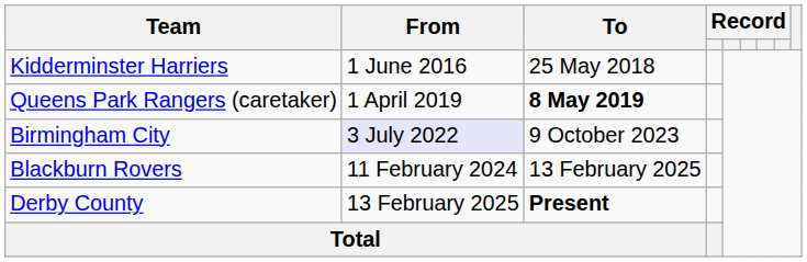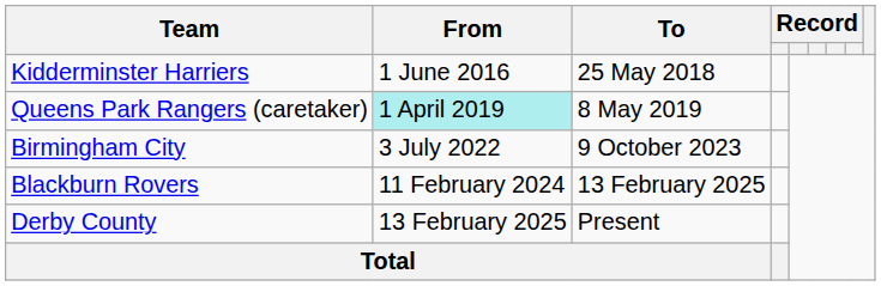 <table class=wikitable style="text-align: left">
 <tr>
 <th rowspan=2>Team</th>
 <th rowspan=2>From</th>
 <th rowspan=2>To</th>
 <th colspan=5>Record</th>
 <th rowspan=2></th>
 </tr>
 <tr>
 <th></th>
 <th></th>
 <th></th>
 <th></th>
 <th></th>
 </tr>
 <tr>
 <td><a href='#'>Kidderminster Harriers</a></td>
 <td>1 June 2016</td>
 <td>25 May 2018<br></td>
 <td></td>
 </tr>
 <tr>
 <td><a href='#'>Queens Park Rangers</a> (caretaker)</td>
-<td>1 April 2019</td>
-<td><strong>8 May 2019<br></strong></td>
+<td style="background: paleturquoise;">1 April 2019</td>
+<td>8 May 2019<br></td>
 <td style="text-align: center";></td>
 </tr>
 <tr>
 <td><a href='#'>Birmingham City</a></td>
-<td style="background: lavender;">3 July 2022</td>
+<td>3 July 2022</td>
 <td>9 October 2023<br></td>
 <td style="text-align: center";></td>
 </tr>
 <tr>
 <td><a href='#'>Blackburn Rovers</a></td>
 <td>11 February 2024</td>
 <td>13 February 2025<br></td>
 <td style="text-align: center";></td>
 </tr>
 <tr>
 <td><a href='#'>Derby County</a></td>
 <td>13 February 2025</td>
-<td><strong>Present<br></strong></td>
+<td>Present<br></td>
 <td style="text-align: center";></td>
 </tr>
 <tr>
 <th colspan=3>Total<br></th>
 <th></th>
 </tr>
 </table>
